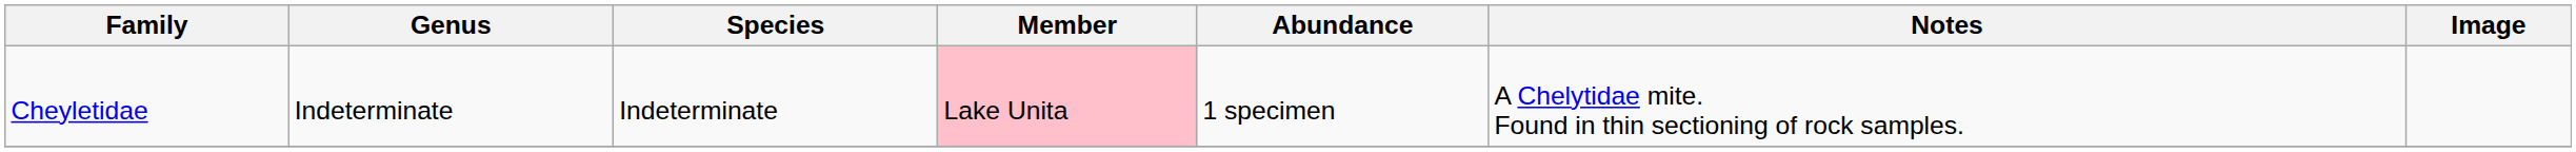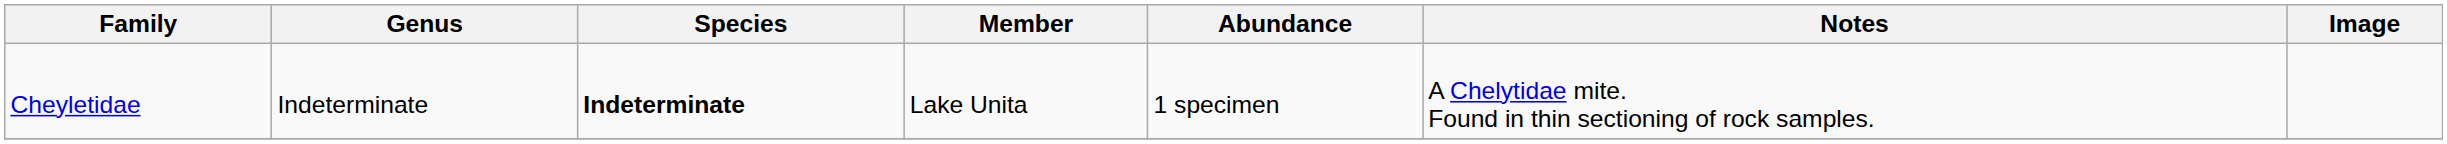 <table class="wikitable" style="margin:auto;width:100%;">
 <tr>
 <th>Family</th>
 <th>Genus</th>
 <th>Species</th>
 <th>Member</th>
 <th>Abundance</th>
 <th>Notes</th>
 <th>Image</th>
 </tr>
 <tr>
 <td><br><a href='#'>Cheyletidae</a></td>
 <td><br>Indeterminate</td>
-<td><br>Indeterminate</td>
-<td style="background: pink;"><br>Lake Unita</td>
+<td><strong><br>Indeterminate</strong></td>
+<td><br>Lake Unita</td>
 <td><br>1 specimen</td>
 <td><br>A <a href='#'>Chelytidae</a> mite.<br>Found in thin sectioning of rock samples.</td>
 <td><br></td>
 </tr>
 <tr>
 </tr>
 </table>
